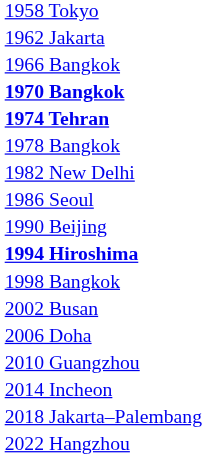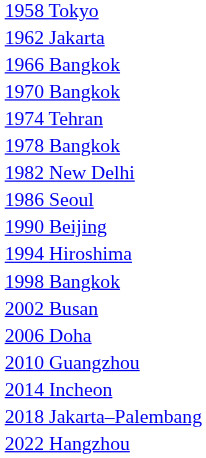 <table>
 <tr>
 <td><a href='#'>1958 Tokyo</a></td>
 <td></td>
 <td></td>
 <td></td>
 </tr>
 <tr>
 <td><a href='#'>1962 Jakarta</a></td>
 <td></td>
 <td></td>
 <td></td>
 </tr>
 <tr>
 <td><a href='#'>1966 Bangkok</a></td>
 <td></td>
 <td></td>
 <td></td>
 </tr>
 <tr>
-<td><strong><a href='#'>1970 Bangkok</a></strong></td>
+<td><a href='#'>1970 Bangkok</a></td>
 <td></td>
 <td></td>
 <td></td>
 </tr>
 <tr>
-<td><strong><a href='#'>1974 Tehran</a></strong></td>
+<td><a href='#'>1974 Tehran</a></td>
 <td></td>
 <td></td>
 <td></td>
 </tr>
 <tr>
 <td><a href='#'>1978 Bangkok</a></td>
 <td></td>
 <td></td>
 <td></td>
 </tr>
 <tr>
 <td><a href='#'>1982 New Delhi</a></td>
 <td></td>
 <td></td>
 <td></td>
 </tr>
 <tr>
 <td><a href='#'>1986 Seoul</a></td>
 <td></td>
 <td></td>
 <td></td>
 </tr>
 <tr>
 <td><a href='#'>1990 Beijing</a></td>
 <td></td>
 <td></td>
 <td></td>
 </tr>
 <tr>
-<td><strong><a href='#'>1994 Hiroshima</a></strong></td>
+<td><a href='#'>1994 Hiroshima</a></td>
 <td></td>
 <td></td>
 <td></td>
 </tr>
 <tr>
 <td><a href='#'>1998 Bangkok</a></td>
 <td></td>
 <td></td>
 <td></td>
 </tr>
 <tr>
 <td><a href='#'>2002 Busan</a></td>
 <td></td>
 <td></td>
 <td></td>
 </tr>
 <tr>
 <td><a href='#'>2006 Doha</a></td>
 <td></td>
 <td></td>
 <td></td>
 </tr>
 <tr>
 <td><a href='#'>2010 Guangzhou</a></td>
 <td></td>
 <td></td>
 <td></td>
 </tr>
 <tr>
 <td><a href='#'>2014 Incheon</a></td>
 <td></td>
 <td></td>
 <td></td>
 </tr>
 <tr>
 <td><a href='#'>2018 Jakarta–Palembang</a></td>
 <td></td>
 <td></td>
 <td></td>
 </tr>
 <tr>
 <td><a href='#'>2022 Hangzhou</a></td>
 <td></td>
 <td></td>
 <td></td>
 </tr>
 </table>
